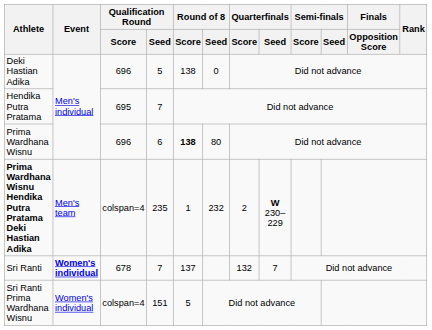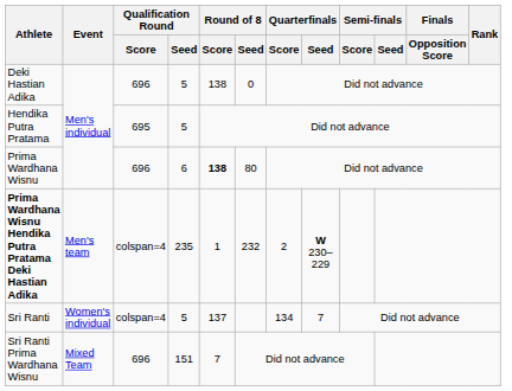 <table class="wikitable" style="text-align:center; font-size:90%">
 <tr>
 <th rowspan="2">Athlete</th>
 <th rowspan="2">Event</th>
 <th colspan="2">Qualification Round</th>
 <th colspan="2">Round of 8</th>
 <th colspan="2">Quarterfinals</th>
 <th colspan="2">Semi-finals</th>
 <th>Finals</th>
 <th rowspan="2">Rank</th>
 </tr>
 <tr style="font size:95%">
 <th>Score</th>
 <th>Seed</th>
 <th>Score</th>
 <th>Seed</th>
 <th>Score</th>
 <th>Seed</th>
 <th>Score</th>
 <th>Seed</th>
 <th>Opposition<br>Score</th>
 </tr>
 <tr>
 <td align=left>Deki Hastian Adika</td>
 <td align=left rowspan=3><a href='#'>Men's individual</a></td>
 <td>696</td>
 <td>5</td>
 <td>138</td>
 <td>0</td>
 <td colspan=6>Did not advance</td>
 </tr>
 <tr>
 <td align=left>Hendika Putra Pratama</td>
 <td>695</td>
-<td>7</td>
+<td>5</td>
 <td colspan=8>Did not advance</td>
 </tr>
 <tr>
 <td align=left>Prima Wardhana Wisnu</td>
 <td>696</td>
 <td>6</td>
 <td><strong>138</strong></td>
 <td>80</td>
 <td colspan=6>Did not advance</td>
 </tr>
 <tr>
 <td align=left><strong>Prima Wardhana Wisnu <br> Hendika Putra Pratama <br> Deki Hastian Adika</strong></td>
 <td align=left><a href='#'>Men's team</a></td>
 <td>colspan=4 </td>
 <td>235</td>
 <td>1</td>
 <td>232</td>
 <td>2</td>
 <td><br> <strong>W</strong> 230–229</td>
 <td></td>
 </tr>
 <tr>
 <td align=left>Sri Ranti</td>
-<td align=left><strong><a href='#'>Women's individual</a></strong></td>
-<td>678</td>
-<td>7</td>
+<td align=left><a href='#'>Women's individual</a></td>
+<td>colspan=4 </td>
+<td>5</td>
 <td>137</td>
 <td></td>
-<td>132</td>
+<td>134</td>
 <td>7</td>
 <td colspan=4>Did not advance</td>
 </tr>
 <tr>
 <td align=left>Sri Ranti <br> Prima Wardhana Wisnu</td>
-<td align=left><a href='#'>Women's individual</a></td>
-<td>colspan=4 </td>
+<td align=left><a href='#'>Mixed Team</a></td>
+<td>696</td>
 <td>151</td>
-<td>5</td>
+<td>7</td>
 <td colspan=4>Did not advance</td>
 </tr>
 </table>
